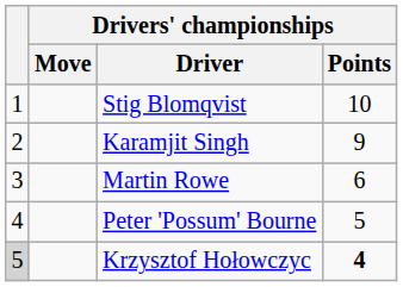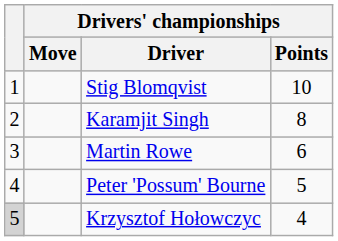 <table class="wikitable" style="font-size:85%;">
 <tr>
 <th rowspan="2"></th>
 <th colspan="3" nowrap>Drivers' championships</th>
 </tr>
 <tr>
 <th>Move</th>
 <th>Driver</th>
 <th>Points</th>
 </tr>
 <tr>
 <td align="center">1</td>
 <td align="center"></td>
 <td> <a href='#'>Stig Blomqvist</a></td>
 <td align="center">10</td>
 </tr>
 <tr>
 <td align="center">2</td>
 <td align="center"></td>
 <td> <a href='#'>Karamjit Singh</a></td>
-<td align="center">9</td>
+<td align="center">8</td>
 </tr>
 <tr>
 <td align="center">3</td>
 <td align="center"></td>
 <td> <a href='#'>Martin Rowe</a></td>
 <td align="center">6</td>
 </tr>
 <tr>
 <td align="center">4</td>
 <td align="center"></td>
 <td> <a href='#'>Peter 'Possum' Bourne</a></td>
 <td align="center">5</td>
 </tr>
 <tr>
 <td align="center" style="background: lightgrey;">5</td>
 <td align="center"></td>
 <td> <a href='#'>Krzysztof Hołowczyc</a></td>
-<td align="center"><strong>4</strong></td>
+<td align="center">4</td>
 </tr>
 </table>
